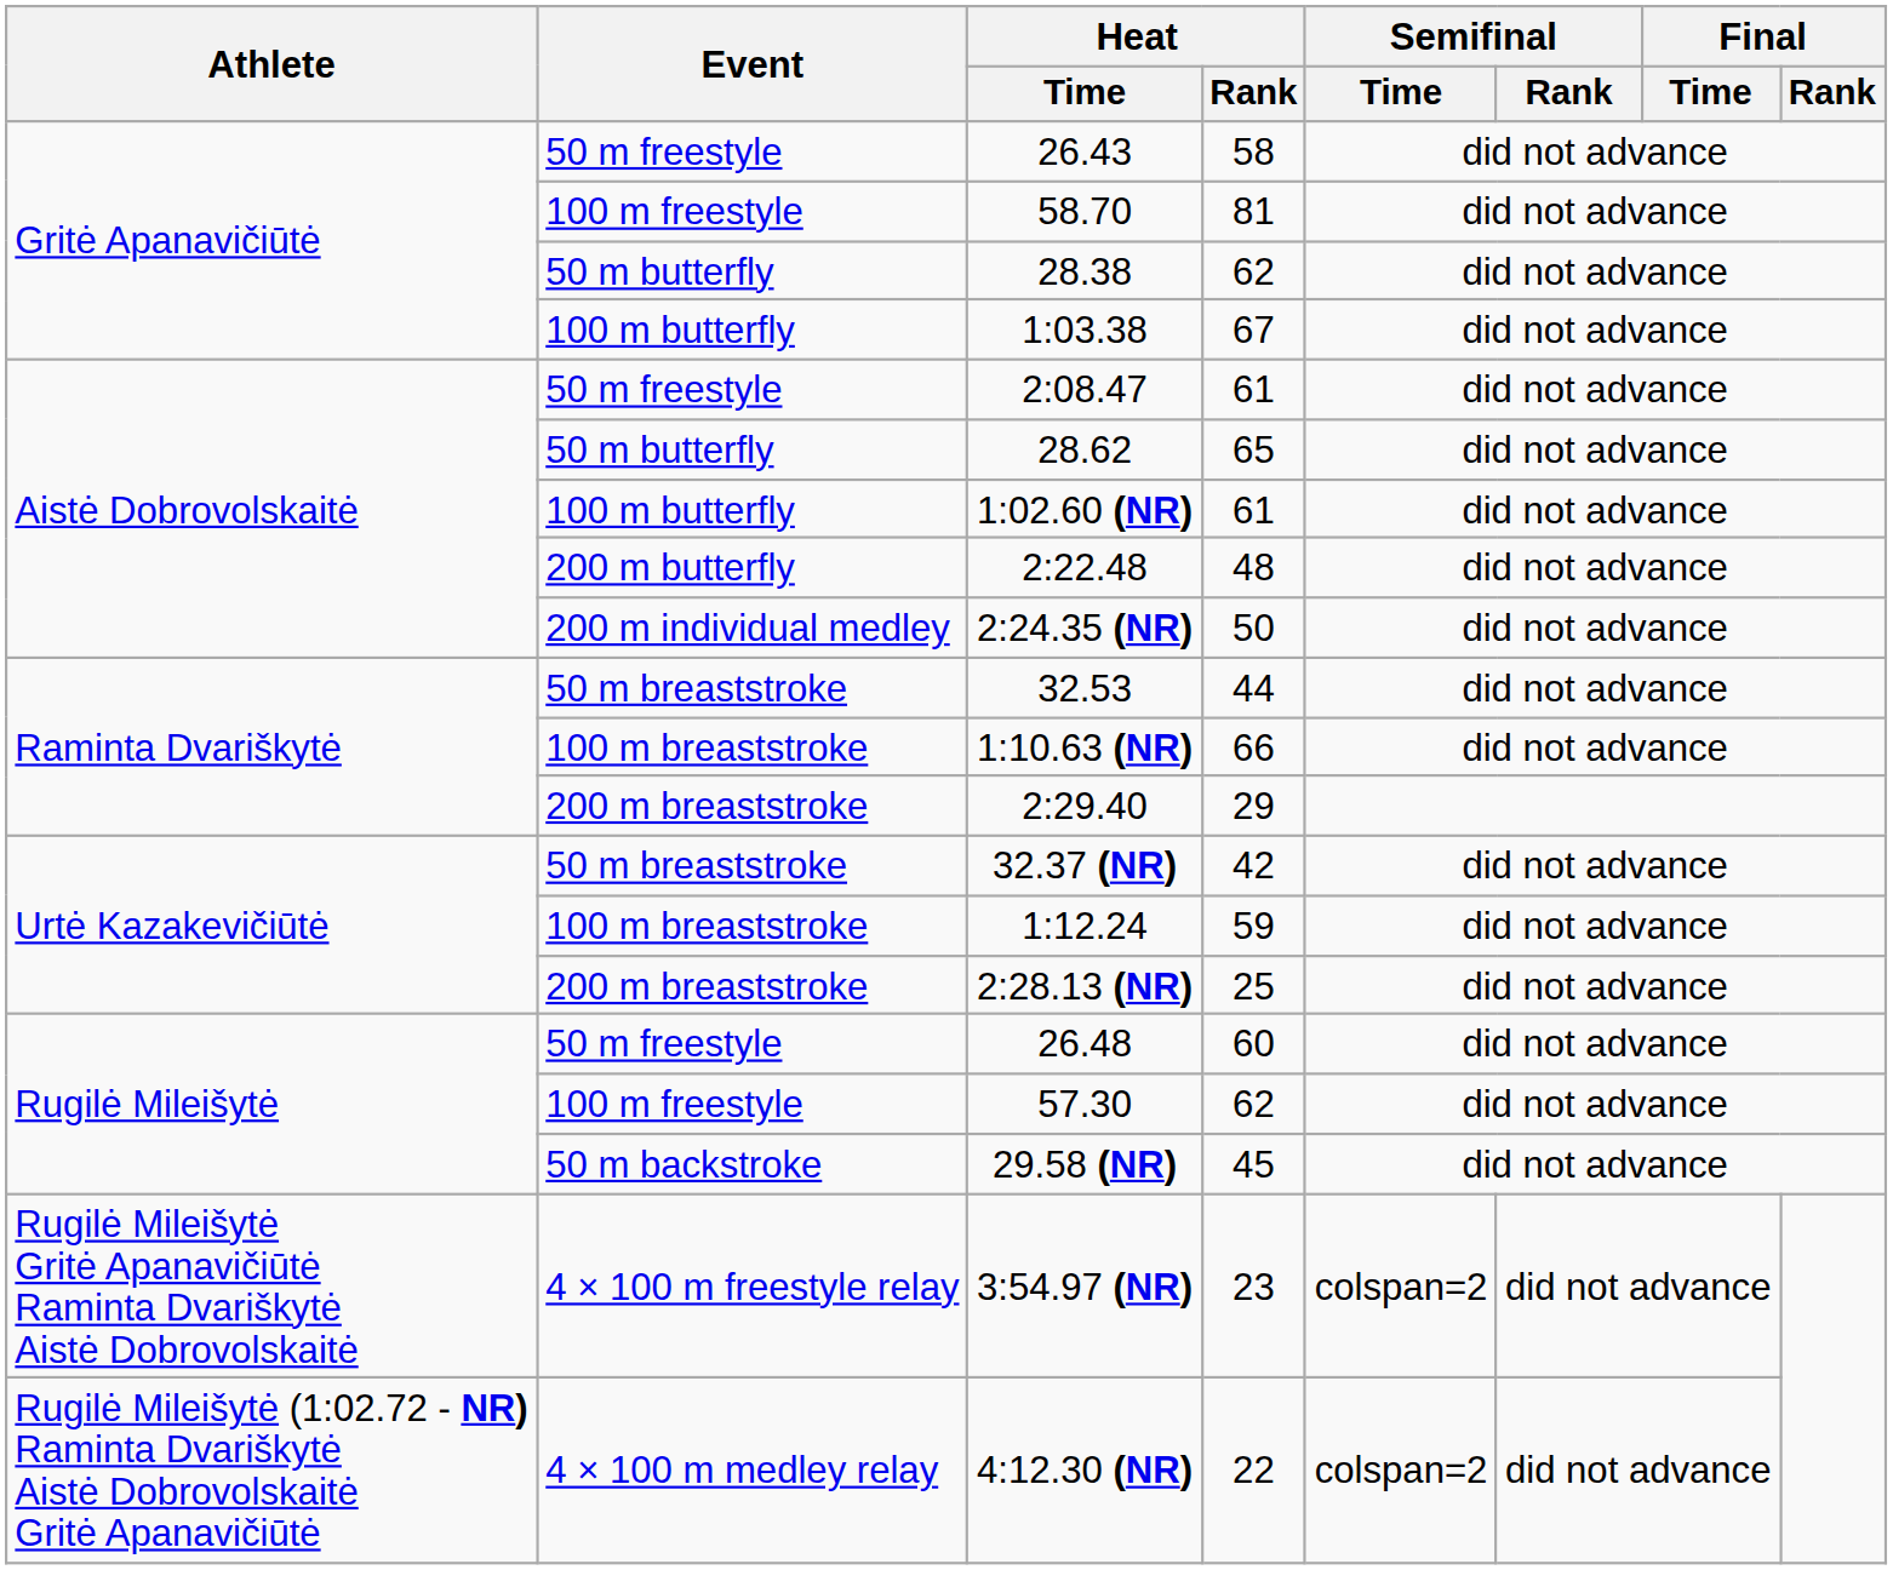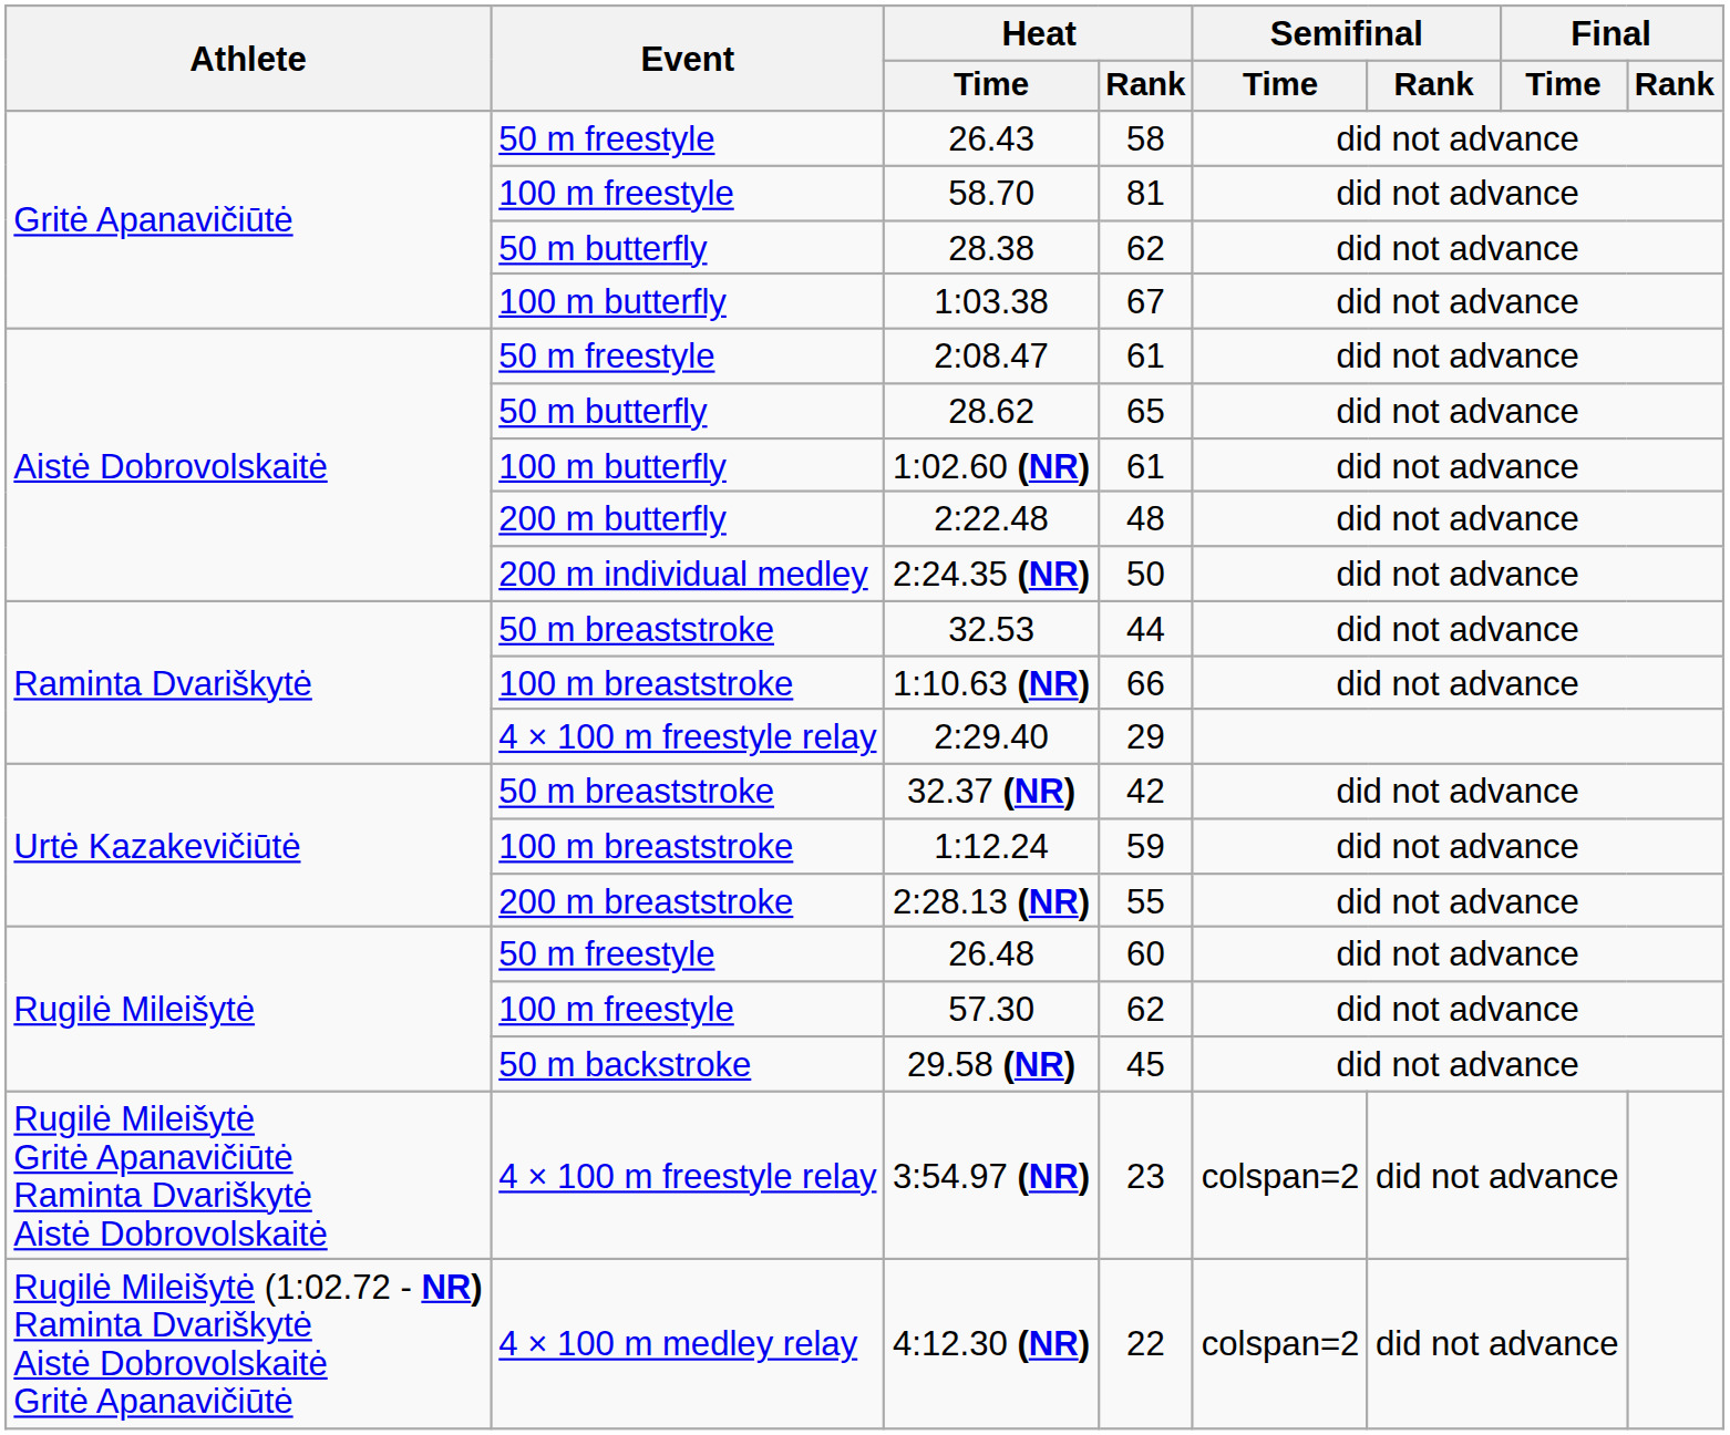 <table class=wikitable style="font-size:90%">
 <tr>
 <th rowspan="2">Athlete</th>
 <th rowspan="2">Event</th>
 <th colspan="2">Heat</th>
 <th colspan="2">Semifinal</th>
 <th colspan="2">Final</th>
 </tr>
 <tr style="font-size:95%">
 <th>Time</th>
 <th>Rank</th>
 <th>Time</th>
 <th>Rank</th>
 <th>Time</th>
 <th>Rank</th>
 </tr>
 <tr align=center>
 <td align=left rowspan=4><a href='#'>Gritė Apanavičiūtė</a></td>
 <td align=left><a href='#'>50 m freestyle</a></td>
 <td>26.43</td>
 <td>58</td>
 <td colspan=4>did not advance</td>
 </tr>
 <tr align=center>
 <td align=left><a href='#'>100 m freestyle</a></td>
 <td>58.70</td>
 <td>81</td>
 <td colspan=4>did not advance</td>
 </tr>
 <tr align=center>
 <td align=left><a href='#'>50 m butterfly</a></td>
 <td>28.38</td>
 <td>62</td>
 <td colspan=4>did not advance</td>
 </tr>
 <tr align=center>
 <td align=left><a href='#'>100 m butterfly</a></td>
 <td>1:03.38</td>
 <td>67</td>
 <td colspan=4>did not advance</td>
 </tr>
 <tr align=center>
 <td align=left rowspan=5><a href='#'>Aistė Dobrovolskaitė</a></td>
 <td align=left><a href='#'>50 m freestyle</a></td>
 <td>2:08.47</td>
 <td>61</td>
 <td colspan=4>did not advance</td>
 </tr>
 <tr align=center>
 <td align=left><a href='#'>50 m butterfly</a></td>
 <td>28.62</td>
 <td>65</td>
 <td colspan=4>did not advance</td>
 </tr>
 <tr align=center>
 <td align=left><a href='#'>100 m butterfly</a></td>
 <td>1:02.60 <strong>(<a href='#'>NR</a>)</strong></td>
 <td>61</td>
 <td colspan=4>did not advance</td>
 </tr>
 <tr align=center>
 <td align=left><a href='#'>200 m butterfly</a></td>
 <td>2:22.48</td>
 <td>48</td>
 <td colspan=4>did not advance</td>
 </tr>
 <tr align=center>
 <td align=left><a href='#'>200 m individual medley</a></td>
 <td>2:24.35 <strong>(<a href='#'>NR</a>)</strong></td>
 <td>50</td>
 <td colspan=4>did not advance</td>
 </tr>
 <tr align=center>
 <td align=left rowspan=3><a href='#'>Raminta Dvariškytė</a></td>
 <td align=left><a href='#'>50 m breaststroke</a></td>
 <td>32.53</td>
 <td>44</td>
 <td colspan=4>did not advance</td>
 </tr>
 <tr align=center>
 <td align=left><a href='#'>100 m breaststroke</a></td>
 <td>1:10.63 <strong>(<a href='#'>NR</a>)</strong></td>
 <td>66</td>
 <td colspan=4>did not advance</td>
 </tr>
 <tr align=center>
-<td align=left><a href='#'>200 m breaststroke</a></td>
+<td align=left><a href='#'>4 × 100 m freestyle relay</a></td>
 <td>2:29.40</td>
 <td>29</td>
 </tr>
 <tr align=center>
 <td align=left rowspan=3><a href='#'>Urtė Kazakevičiūtė</a></td>
 <td align=left><a href='#'>50 m breaststroke</a></td>
 <td>32.37 <strong>(<a href='#'>NR</a>)</strong></td>
 <td>42</td>
 <td colspan=4>did not advance</td>
 </tr>
 <tr align=center>
 <td align=left><a href='#'>100 m breaststroke</a></td>
 <td>1:12.24</td>
 <td>59</td>
 <td colspan=4>did not advance</td>
 </tr>
 <tr align=center>
 <td align=left><a href='#'>200 m breaststroke</a></td>
 <td>2:28.13 <strong>(<a href='#'>NR</a>)</strong></td>
-<td>25</td>
+<td>55</td>
 <td colspan=4>did not advance</td>
 </tr>
 <tr align=center>
 <td align=left rowspan=3><a href='#'>Rugilė Mileišytė</a></td>
 <td align=left><a href='#'>50 m freestyle</a></td>
 <td>26.48</td>
 <td>60</td>
 <td colspan=4>did not advance</td>
 </tr>
 <tr align=center>
 <td align=left><a href='#'>100 m freestyle</a></td>
 <td>57.30</td>
 <td>62</td>
 <td colspan=4>did not advance</td>
 </tr>
 <tr align=center>
 <td align=left><a href='#'>50 m backstroke</a></td>
 <td>29.58 <strong>(<a href='#'>NR</a>)</strong></td>
 <td>45</td>
 <td colspan=4>did not advance</td>
 </tr>
 <tr align=center>
 <td align=left><a href='#'>Rugilė Mileišytė</a><br><a href='#'>Gritė Apanavičiūtė</a><br><a href='#'>Raminta Dvariškytė</a><br><a href='#'>Aistė Dobrovolskaitė</a></td>
 <td align=left><a href='#'>4 × 100 m freestyle relay</a></td>
 <td>3:54.97 <strong>(<a href='#'>NR</a>)</strong></td>
 <td>23</td>
 <td>colspan=2 </td>
 <td colspan=2>did not advance</td>
 </tr>
 <tr align=center>
 <td align=left><a href='#'>Rugilė Mileišytė</a> (1:02.72 - <strong><a href='#'>NR</a>)</strong><br><a href='#'>Raminta Dvariškytė</a><br><a href='#'>Aistė Dobrovolskaitė</a><br><a href='#'>Gritė Apanavičiūtė</a></td>
 <td align=left><a href='#'>4 × 100 m medley relay</a></td>
 <td>4:12.30 <strong>(<a href='#'>NR</a>)</strong></td>
 <td>22</td>
 <td>colspan=2 </td>
 <td colspan=2>did not advance</td>
 </tr>
 </table>
